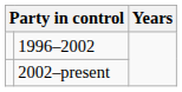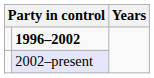 <table class="wikitable">
 <tr>
 <th colspan="2">Party in control</th>
 <th>Years</th>
 </tr>
 <tr>
 <td></td>
-<td>1996–2002</td>
+<td><strong>1996–2002</strong></td>
 </tr>
 <tr>
 <td></td>
-<td>2002–present</td>
+<td style="background: lavender;">2002–present</td>
 </tr>
 </table>
